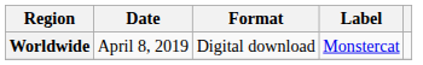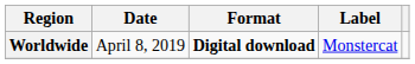 <table class="wikitable plainrowheaders">
 <tr>
 <th>Region</th>
 <th>Date</th>
 <th>Format</th>
 <th>Label</th>
 <th></th>
 </tr>
 <tr>
 <th scope="row" rowspan="1">Worldwide</th>
 <td>April 8, 2019</td>
-<td>Digital download</td>
+<td><strong>Digital download</strong></td>
 <td rowspan="1"><a href='#'>Monstercat</a></td>
 <td></td>
 </tr>
 <tr>
 </tr>
 </table>
